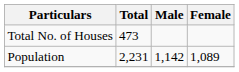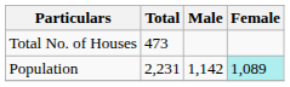 <table class="wikitable sortable">
 <tr>
 <th>Particulars</th>
 <th>Total</th>
 <th>Male</th>
 <th>Female</th>
 </tr>
 <tr>
 <td>Total No. of Houses</td>
 <td>473</td>
 <td></td>
 <td></td>
 </tr>
 <tr>
 <td>Population</td>
 <td>2,231</td>
 <td>1,142</td>
-<td>1,089</td>
+<td style="background: paleturquoise;">1,089</td>
 </tr>
 <tr>
 </tr>
 </table>
